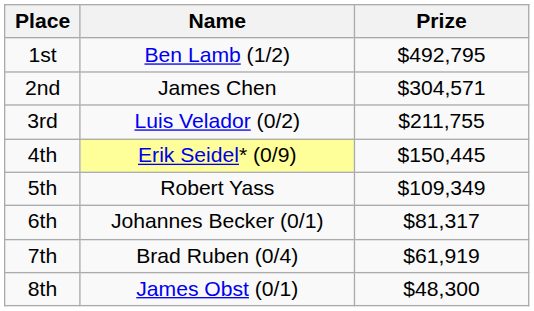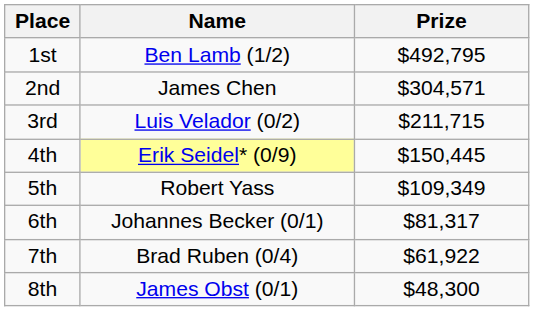 <table class="wikitable">
 <tr>
 <th width="50">Place</th>
 <th width="200">Name</th>
 <th width="125">Prize</th>
 </tr>
 <tr>
 <td align = "center">1st</td>
 <td align = "center"> <a href='#'>Ben Lamb</a> (1/2)</td>
 <td align = "center">$492,795</td>
 </tr>
 <tr>
 <td align = "center">2nd</td>
 <td align = "center"> James Chen</td>
 <td align = "center">$304,571</td>
 </tr>
 <tr>
 <td align = "center">3rd</td>
 <td align = "center"> <a href='#'>Luis Velador</a> (0/2)</td>
-<td align = "center">$211,755</td>
+<td align = "center">$211,715</td>
 </tr>
 <tr>
 <td align = "center">4th</td>
 <td align="center" style="background-color:#FFFF99;"> <a href='#'>Erik Seidel</a>* (0/9)</td>
 <td align = "center">$150,445</td>
 </tr>
 <tr>
 <td align = "center">5th</td>
 <td align = "center"> Robert Yass</td>
 <td align = "center">$109,349</td>
 </tr>
 <tr>
 <td align = "center">6th</td>
 <td align = "center"> Johannes Becker (0/1)</td>
 <td align = "center">$81,317</td>
 </tr>
 <tr>
 <td align = "center">7th</td>
 <td align = "center"> Brad Ruben (0/4)</td>
-<td align = "center">$61,919</td>
+<td align = "center">$61,922</td>
 </tr>
 <tr>
 <td align = "center">8th</td>
 <td align = "center"> <a href='#'>James Obst</a> (0/1)</td>
 <td align = "center">$48,300</td>
 </tr>
 </table>
